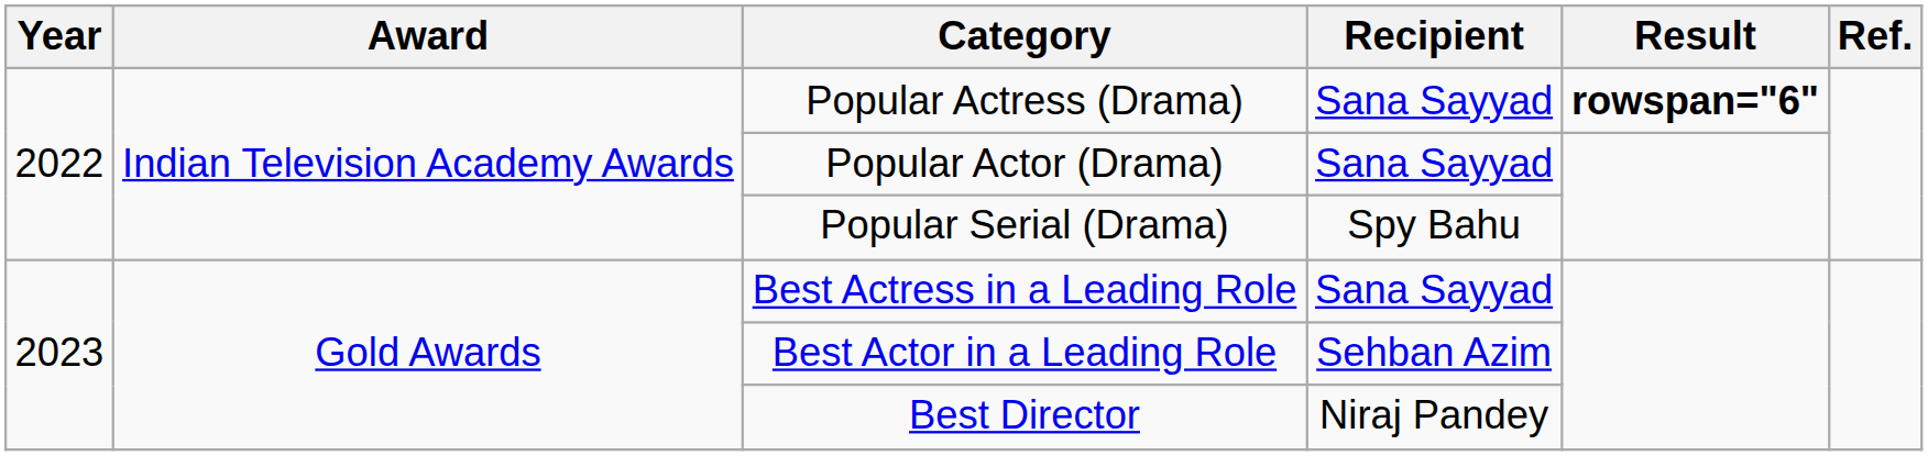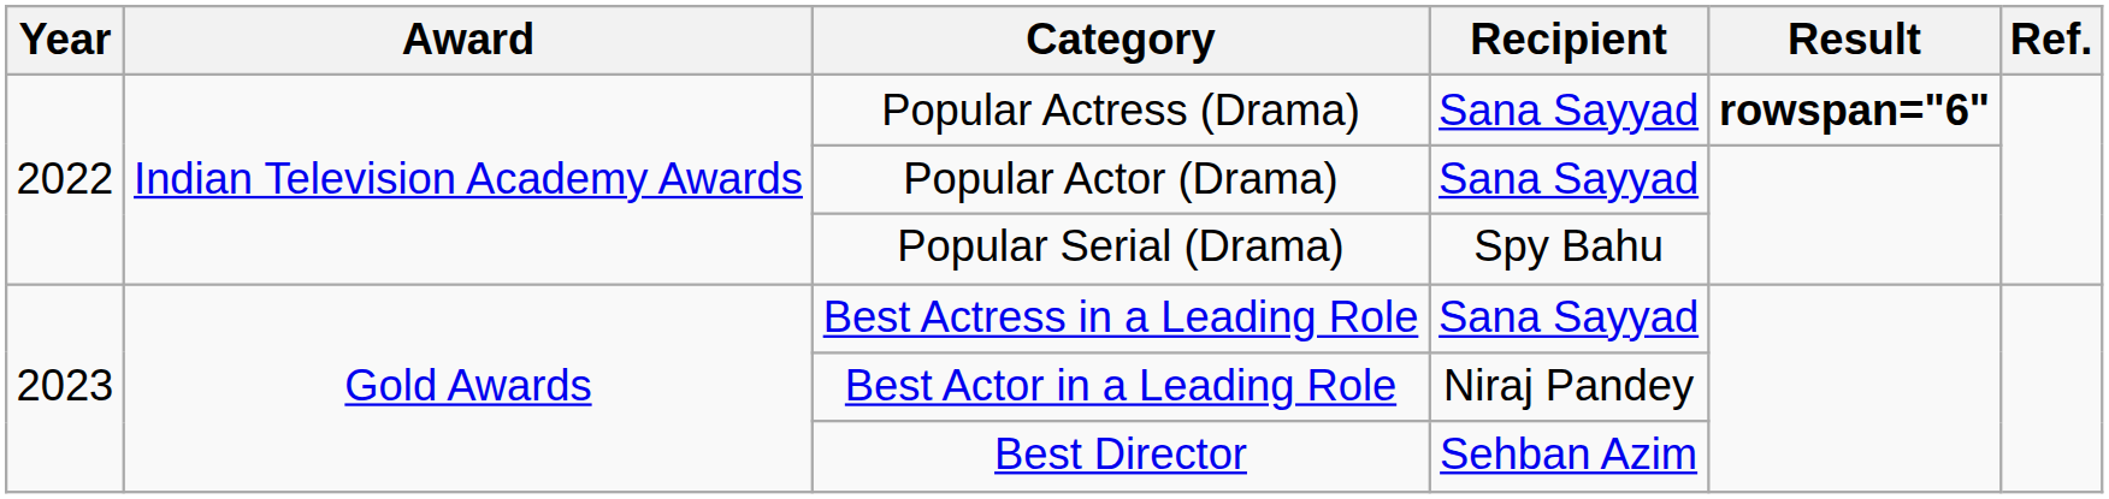 <table class="wikitable" style="text-align:center;">
 <tr>
 <th>Year</th>
 <th>Award</th>
 <th>Category</th>
 <th>Recipient</th>
 <th>Result</th>
 <th>Ref.</th>
 </tr>
 <tr>
 <td rowspan="3">2022</td>
 <td rowspan="3"><a href='#'>Indian Television Academy Awards</a></td>
 <td>Popular Actress (Drama)</td>
 <td><a href='#'>Sana Sayyad</a></td>
 <td><strong>rowspan="6"</strong></td>
 <td rowspan="3"></td>
 </tr>
 <tr>
 <td>Popular Actor (Drama)</td>
 <td><a href='#'>Sana Sayyad</a></td>
 </tr>
 <tr>
 <td>Popular Serial (Drama)</td>
 <td>Spy Bahu</td>
 </tr>
 <tr>
 <td rowspan="3">2023</td>
 <td rowspan="3"><a href='#'>Gold Awards</a></td>
 <td><a href='#'>Best Actress in a Leading Role</a></td>
 <td><a href='#'>Sana Sayyad</a></td>
 <td rowspan="3"></td>
 </tr>
 <tr>
 <td><a href='#'>Best Actor in a Leading Role</a></td>
-<td><a href='#'>Sehban Azim</a></td>
+<td>Niraj Pandey</td>
 </tr>
 <tr>
 <td><a href='#'>Best Director</a></td>
-<td>Niraj Pandey</td>
+<td><a href='#'>Sehban Azim</a></td>
 </tr>
 </table>
